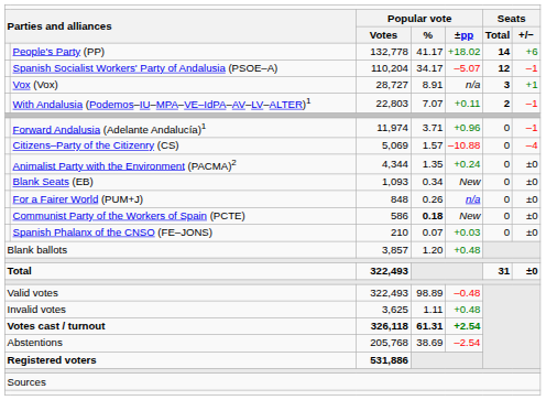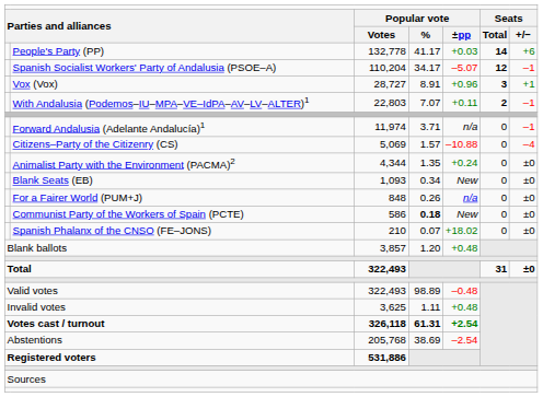 <table class="wikitable" style="text-align:right;">
 <tr>
 <td colspan="7"></td>
 </tr>
 <tr>
 <th style="text-align:left;" rowspan="2" colspan="2" width="525">Parties and alliances</th>
 <th colspan="3">Popular vote</th>
 <th colspan="2">Seats</th>
 </tr>
 <tr>
 <th width="75">Votes</th>
 <th width="45">%</th>
 <th width="45">±<a href='#'>pp</a></th>
 <th width="35">Total</th>
 <th width="35">+/−</th>
 </tr>
 <tr>
 <td width="1" style="color:inherit;background:"></td>
 <td align="left"><a href='#'>People's Party</a> (PP)</td>
 <td>132,778</td>
 <td>41.17</td>
-<td style="color:green;">+18.02</td>
+<td style="color:green;">+0.03</td>
 <td><strong>14</strong></td>
 <td style="color:green;">+6</td>
 </tr>
 <tr>
 <td style="color:inherit;background:"></td>
 <td align="left"><a href='#'>Spanish Socialist Workers' Party of Andalusia</a> (PSOE–A)</td>
 <td>110,204</td>
 <td>34.17</td>
 <td style="color:red;">–5.07</td>
 <td><strong>12</strong></td>
 <td style="color:red;">–1</td>
 </tr>
 <tr>
 <td style="color:inherit;background:"></td>
 <td align="left"><a href='#'>Vox</a> (Vox)</td>
 <td>28,727</td>
 <td>8.91</td>
-<td><em>n/a</em></td>
+<td style="color:green;">+0.96</td>
 <td><strong>3</strong></td>
 <td style="color:green;">+1</td>
 </tr>
 <tr>
 <td style="color:inherit;background:"></td>
 <td align="left"><a href='#'>With Andalusia</a> (<a href='#'>Podemos</a>–<a href='#'>IU</a>–<a href='#'>MPA</a>–<a href='#'>VE–IdPA</a>–<a href='#'>AV</a>–<a href='#'>LV</a>–<a href='#'>ALTER</a>)<sup>1</sup></td>
 <td>22,803</td>
 <td>7.07</td>
 <td style="color:green;">+0.11</td>
 <td><strong>2</strong></td>
 <td style="color:red;">–1</td>
 </tr>
 <tr>
 <td colspan="7" bgcolor="#C0C0C0"></td>
 </tr>
 <tr>
 <td style="color:inherit;background:"></td>
 <td align="left"><a href='#'>Forward Andalusia</a> (Adelante Andalucía)<sup>1</sup></td>
 <td>11,974</td>
 <td>3.71</td>
-<td style="color:green;">+0.96</td>
+<td><em>n/a</em></td>
 <td>0</td>
 <td style="color:red;">–1</td>
 </tr>
 <tr>
 <td style="color:inherit;background:"></td>
 <td align="left"><a href='#'>Citizens–Party of the Citizenry</a> (CS)</td>
 <td>5,069</td>
 <td>1.57</td>
 <td style="color:red;">–10.88</td>
 <td>0</td>
 <td style="color:red;">–4</td>
 </tr>
 <tr>
 <td style="color:inherit;background:"></td>
 <td align="left"><a href='#'>Animalist Party with the Environment</a> (PACMA)<sup>2</sup></td>
 <td>4,344</td>
 <td>1.35</td>
 <td style="color:green;">+0.24</td>
 <td>0</td>
 <td>±0</td>
 </tr>
 <tr>
 <td style="color:inherit;background:"></td>
 <td align="left"><a href='#'>Blank Seats</a> (EB)</td>
 <td>1,093</td>
 <td>0.34</td>
 <td><em>New</em></td>
 <td>0</td>
 <td>±0</td>
 </tr>
 <tr>
 <td style="color:inherit;background:"></td>
 <td align="left"><a href='#'>For a Fairer World</a> (PUM+J)</td>
 <td>848</td>
 <td>0.26</td>
 <td><em><a href='#'>n/a</a></em></td>
 <td>0</td>
 <td>±0</td>
 </tr>
 <tr>
 <td style="color:inherit;background:"></td>
 <td align="left"><a href='#'>Communist Party of the Workers of Spain</a> (PCTE)</td>
 <td>586</td>
 <td><strong>0.18</strong></td>
 <td><em>New</em></td>
 <td>0</td>
 <td>±0</td>
 </tr>
 <tr>
 <td style="color:inherit;background:"></td>
 <td align="left"><a href='#'>Spanish Phalanx of the CNSO</a> (FE–JONS)</td>
 <td>210</td>
 <td>0.07</td>
-<td style="color:green;">+0.03</td>
+<td style="color:green;">+18.02</td>
 <td>0</td>
 <td>±0</td>
 </tr>
 <tr>
 <td align="left" colspan="2">Blank ballots</td>
 <td>3,857</td>
 <td>1.20</td>
 <td style="color:green;">+0.48</td>
 <td bgcolor="#E9E9E9" colspan="2"></td>
 </tr>
 <tr>
 <td colspan="7" bgcolor="#E9E9E9"></td>
 </tr>
 <tr style="font-weight:bold;">
 <td align="left" colspan="2">Total</td>
 <td>322,493</td>
 <td bgcolor="#E9E9E9" colspan="2"></td>
 <td>31</td>
 <td>±0</td>
 </tr>
 <tr>
 <td colspan="7" bgcolor="#E9E9E9"></td>
 </tr>
 <tr>
 <td align="left" colspan="2">Valid votes</td>
 <td>322,493</td>
 <td>98.89</td>
 <td style="color:red;">–0.48</td>
 <td bgcolor="#E9E9E9" colspan="2" rowspan="5"></td>
 </tr>
 <tr>
 <td align="left" colspan="2">Invalid votes</td>
 <td>3,625</td>
 <td>1.11</td>
 <td style="color:green;">+0.48</td>
 </tr>
 <tr style="font-weight:bold;">
 <td align="left" colspan="2">Votes cast / turnout</td>
 <td>326,118</td>
 <td>61.31</td>
 <td style="color:green;">+2.54</td>
 </tr>
 <tr>
 <td align="left" colspan="2">Abstentions</td>
 <td>205,768</td>
 <td>38.69</td>
 <td style="color:red;">–2.54</td>
 </tr>
 <tr style="font-weight:bold;">
 <td align="left" colspan="2">Registered voters</td>
 <td>531,886</td>
 <td bgcolor="#E9E9E9" colspan="2"></td>
 </tr>
 <tr>
 <td colspan="7" bgcolor="#E9E9E9"></td>
 </tr>
 <tr>
 <td align="left" colspan="7">Sources</td>
 </tr>
 <tr>
 <td colspan="7" style="text-align:left; max-width:790px;"></td>
 </tr>
 </table>
